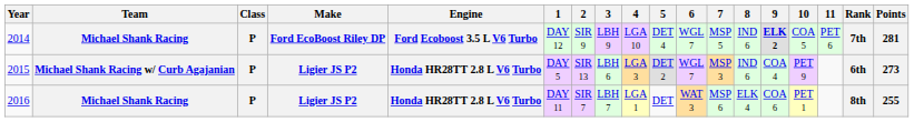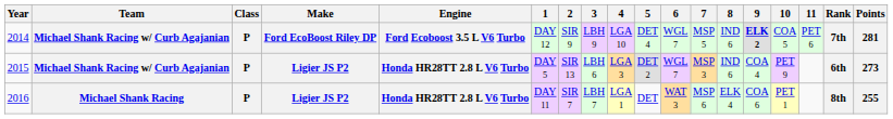 <table class="wikitable" style="text-align:center; font-size:90%">
 <tr>
 <th>Year</th>
 <th>Team</th>
 <th>Class</th>
 <th>Make</th>
 <th>Engine</th>
 <th>1</th>
 <th>2</th>
 <th>3</th>
 <th>4</th>
 <th>5</th>
 <th>6</th>
 <th>7</th>
 <th>8</th>
 <th>9</th>
 <th>10</th>
 <th>11</th>
 <th>Rank</th>
 <th>Points</th>
 </tr>
 <tr>
 <td><a href='#'>2014</a></td>
-<th><a href='#'>Michael Shank Racing</a></th>
+<th><a href='#'>Michael Shank Racing</a> w/ <a href='#'>Curb Agajanian</a></th>
 <th>P</th>
 <th><a href='#'>Ford EcoBoost Riley DP</a></th>
 <th><a href='#'>Ford</a> <a href='#'>Ecoboost</a> 3.5 L <a href='#'>V6</a> <a href='#'>Turbo</a></th>
 <td style="background:#DFFFDF;"><a href='#'>DAY</a><br><small>12</small></td>
 <td style="background:#DFFFDF;"><a href='#'>SIR</a><br><small>9</small></td>
 <td style="background:#EFCFFF;"><a href='#'>LBH</a><br><small>9</small></td>
 <td style="background:#EFCFFF;"><a href='#'>LGA</a><br><small>10</small></td>
 <td style="background:#DFFFDF;"><a href='#'>DET</a><br><small>4</small></td>
 <td style="background:#DFFFDF;"><a href='#'>WGL</a><br><small>7</small></td>
 <td style="background:#DFFFDF;"><a href='#'>MSP</a><br><small>5</small></td>
 <td style="background:#DFFFDF;"><a href='#'>IND</a><br><small>6</small></td>
 <td style="background:#DFDFDF;"><strong><a href='#'>ELK</a><br><small>2</small></strong></td>
 <td style="background:#DFFFDF;"><a href='#'>COA</a><br><small>5</small></td>
 <td style="background:#DFFFDF;"><a href='#'>PET</a><br><small>6</small></td>
 <th>7th</th>
 <th>281</th>
 </tr>
 <tr>
 <td><a href='#'>2015</a></td>
 <th><a href='#'>Michael Shank Racing</a> w/ <a href='#'>Curb Agajanian</a></th>
 <th>P</th>
 <th><a href='#'>Ligier JS P2</a></th>
 <th><a href='#'>Honda</a> HR28TT 2.8 L <a href='#'>V6</a> <a href='#'>Turbo</a></th>
 <td style="background:#EFCFFF;"><a href='#'>DAY</a><br><small>5</small></td>
 <td style="background:#EFCFFF;"><a href='#'>SIR</a><br><small>13</small></td>
 <td style="background:#DFFFDF;"><a href='#'>LBH</a><br><small>6</small></td>
 <td style="background:#FFDF9F;"><a href='#'>LGA</a><br><small>3</small></td>
 <td style="background:#DFDFDF;"><a href='#'>DET</a><br><small>2</small></td>
 <td style="background:#EFCFFF;"><a href='#'>WGL</a><br><small>7</small></td>
 <td style="background:#FFDF9F;"><a href='#'>MSP</a><br><small>3</small></td>
 <td style="background:#DFFFDF;"><a href='#'>IND</a><br><small>6</small></td>
 <td style="background:#DFFFDF;"><a href='#'>COA</a><br><small>4</small></td>
 <td style="background:#EFCFFF;"><a href='#'>PET</a><br><small>9</small></td>
 <td></td>
 <th>6th</th>
 <th>273</th>
 </tr>
 <tr>
 <td><a href='#'>2016</a></td>
 <th><a href='#'>Michael Shank Racing</a></th>
 <th>P</th>
 <th><a href='#'>Ligier JS P2</a></th>
 <th><a href='#'>Honda</a> HR28TT 2.8 L <a href='#'>V6</a> <a href='#'>Turbo</a></th>
 <td style="background:#EFCFFF;"><a href='#'>DAY</a><br><small>11</small></td>
 <td style="background:#EFCFFF;"><a href='#'>SIR</a><br><small>7</small></td>
 <td style="background:#DFFFDF;"><a href='#'>LBH</a><br><small>7</small></td>
 <td style="background:#FFFFBF;"><a href='#'>LGA</a><br><small>1</small></td>
 <td><a href='#'>DET</a><br><small> </small></td>
 <td style="background:#FFDF9F;"><a href='#'>WAT</a><br><small>3</small></td>
 <td style="background:#DFFFDF;"><a href='#'>MSP</a><br><small>6</small></td>
 <td style="background:#DFFFDF;"><a href='#'>ELK</a><br><small>4</small></td>
 <td style="background:#DFFFDF;"><a href='#'>COA</a><br><small>6</small></td>
 <td style="background:#FFFFBF;"><a href='#'>PET</a><br><small>1</small></td>
 <td></td>
 <th>8th</th>
 <th>255</th>
 </tr>
 </table>
